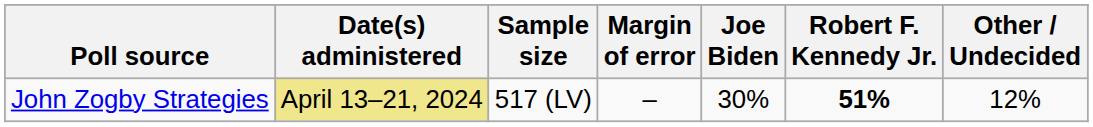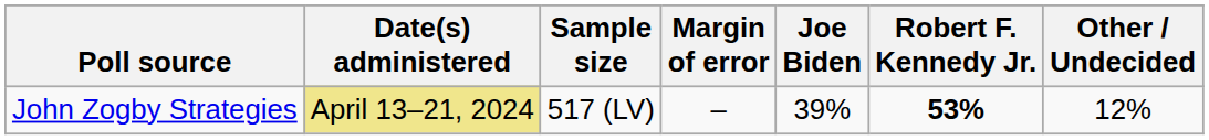 <table class="wikitable sortable mw-datatable" style="font-size:90%;text-align:center;line-height:17px">
 <tr valign=bottom>
 <th>Poll source</th>
 <th>Date(s)<br>administered</th>
 <th>Sample<br>size</th>
 <th>Margin<br>of error</th>
 <th class="unsortable">Joe<br>Biden<br></th>
 <th class="unsortable">Robert F.<br>Kennedy Jr.<br></th>
 <th class="unsortable">Other /<br>Undecided</th>
 </tr>
 <tr>
 <td style="text-align:left;"><a href='#'>John Zogby Strategies</a></td>
 <td data-sort-value="2024-05-01" style="background: khaki;">April 13–21, 2024</td>
 <td>517 (LV)</td>
 <td>–</td>
-<td>30%</td>
-<td style="background-color:"><strong>51%</strong></td>
+<td>39%</td>
+<td style="background-color:"><strong>53%</strong></td>
 <td>12%</td>
 </tr>
 </table>
